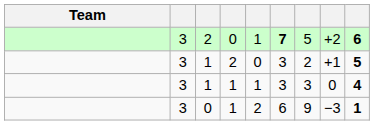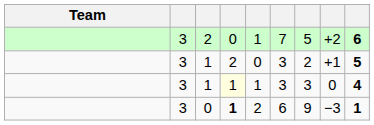 <table class="wikitable" style="text-align: center;">
 <tr>
 <th width=175>Team</th>
 <th width=20></th>
 <th width=20></th>
 <th width=20></th>
 <th width=20></th>
 <th width=20></th>
 <th width=20></th>
 <th width=20></th>
 <th width=20></th>
 </tr>
 <tr bgcolor=ccffcc>
 <td style="text-align:left;"></td>
 <td>3</td>
 <td>2</td>
 <td>0</td>
 <td>1</td>
-<td><strong>7</strong></td>
+<td>7</td>
 <td>5</td>
 <td>+2</td>
 <td><strong>6</strong></td>
 </tr>
 <tr>
 <td style="text-align:left;"></td>
 <td>3</td>
 <td>1</td>
 <td>2</td>
 <td>0</td>
 <td>3</td>
 <td>2</td>
 <td>+1</td>
 <td><strong>5</strong></td>
 </tr>
 <tr>
 <td style="text-align:left;"></td>
 <td>3</td>
 <td>1</td>
-<td>1</td>
+<td style="background: lightyellow;">1</td>
 <td>1</td>
 <td>3</td>
 <td>3</td>
 <td>0</td>
 <td><strong>4</strong></td>
 </tr>
 <tr>
 <td style="text-align:left;"></td>
 <td>3</td>
 <td>0</td>
-<td>1</td>
+<td><strong>1</strong></td>
 <td>2</td>
 <td>6</td>
 <td>9</td>
 <td>−3</td>
 <td><strong>1</strong></td>
 </tr>
 </table>
